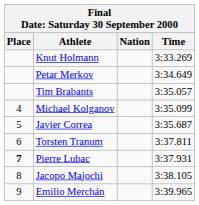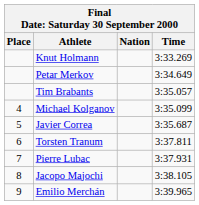 <table class="wikitable">
 <tr>
 <th colspan=4>Final <br> Date: Saturday 30 September 2000</th>
 </tr>
 <tr>
 <th>Place</th>
 <th>Athlete</th>
 <th>Nation</th>
 <th>Time</th>
 </tr>
 <tr>
 <td align="center"></td>
 <td align="left"><a href='#'>Knut Holmann</a></td>
 <td align="left"></td>
 <td align="center">3:33.269</td>
 </tr>
 <tr>
 <td align="center"></td>
 <td align="left"><a href='#'>Petar Merkov</a></td>
 <td align="left"></td>
 <td align="center">3:34.649</td>
 </tr>
 <tr>
 <td align="center"></td>
 <td align="left"><a href='#'>Tim Brabants</a></td>
 <td align="left"></td>
 <td align="center">3:35.057</td>
 </tr>
 <tr>
 <td align="center">4</td>
 <td align="left"><a href='#'>Michael Kolganov</a></td>
 <td align="left"></td>
 <td align="center">3:35.099</td>
 </tr>
 <tr>
 <td align="center">5</td>
 <td align="left"><a href='#'>Javier Correa</a></td>
 <td align="left"></td>
 <td align="center">3:35.687</td>
 </tr>
 <tr>
 <td align="center">6</td>
 <td align="left"><a href='#'>Torsten Tranum</a></td>
 <td align="left"></td>
 <td align="center">3:37.811</td>
 </tr>
 <tr>
-<td align="center"><strong>7</strong></td>
+<td align="center">7</td>
 <td align="left"><a href='#'>Pierre Lubac</a></td>
 <td align="left"></td>
 <td align="center">3:37.931</td>
 </tr>
 <tr>
 <td align="center">8</td>
 <td align="left"><a href='#'>Jacopo Majochi</a></td>
 <td align="left"></td>
 <td align="center">3:38.105</td>
 </tr>
 <tr>
 <td align="center">9</td>
 <td align="left"><a href='#'>Emilio Merchán</a></td>
 <td align="left"></td>
 <td align="center">3:39.965</td>
 </tr>
 </table>
